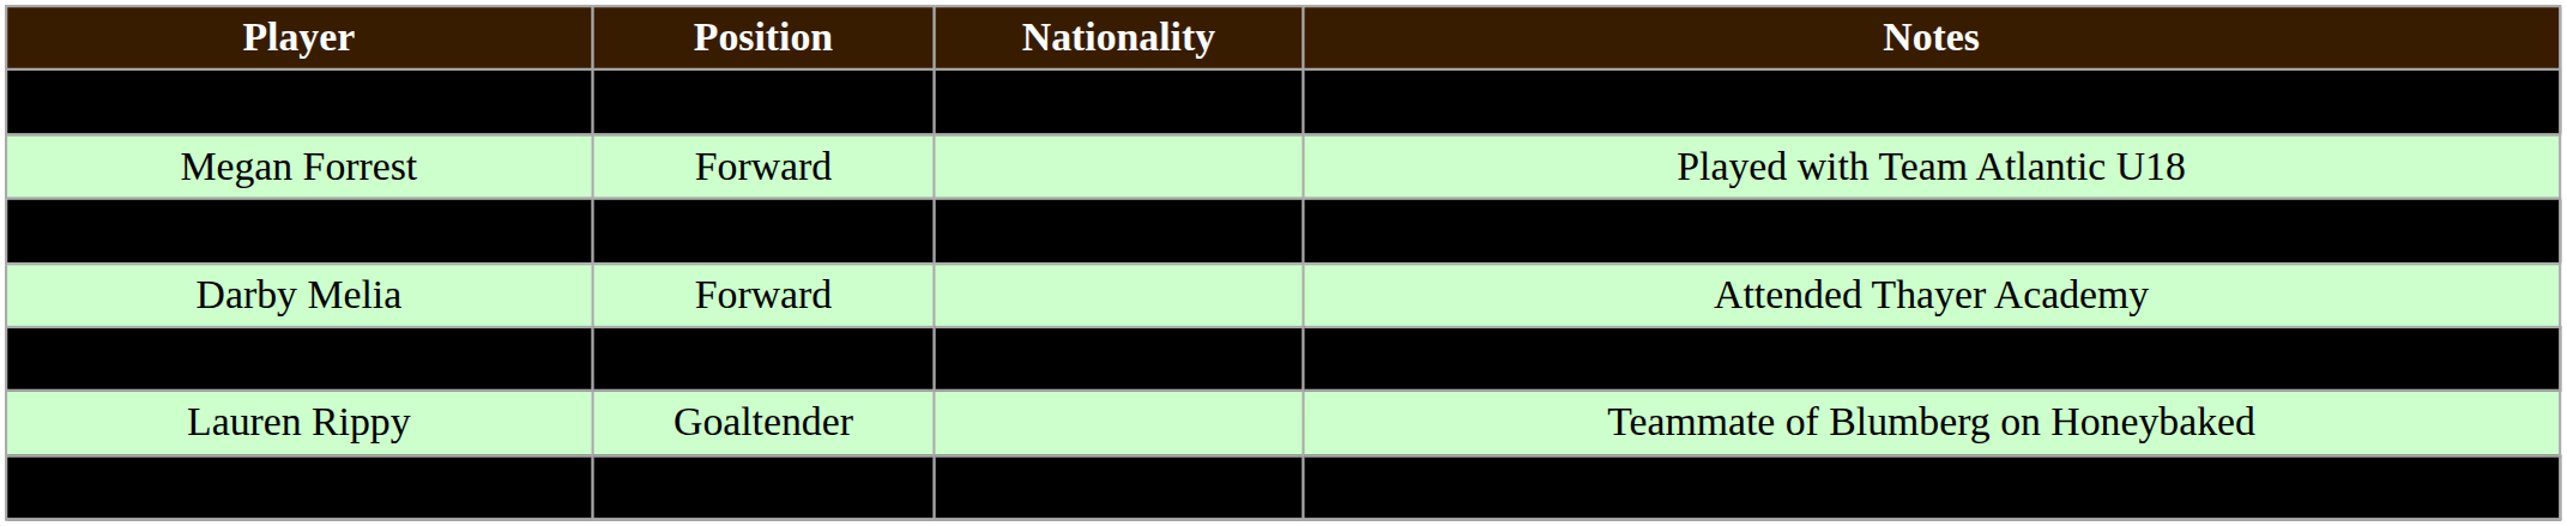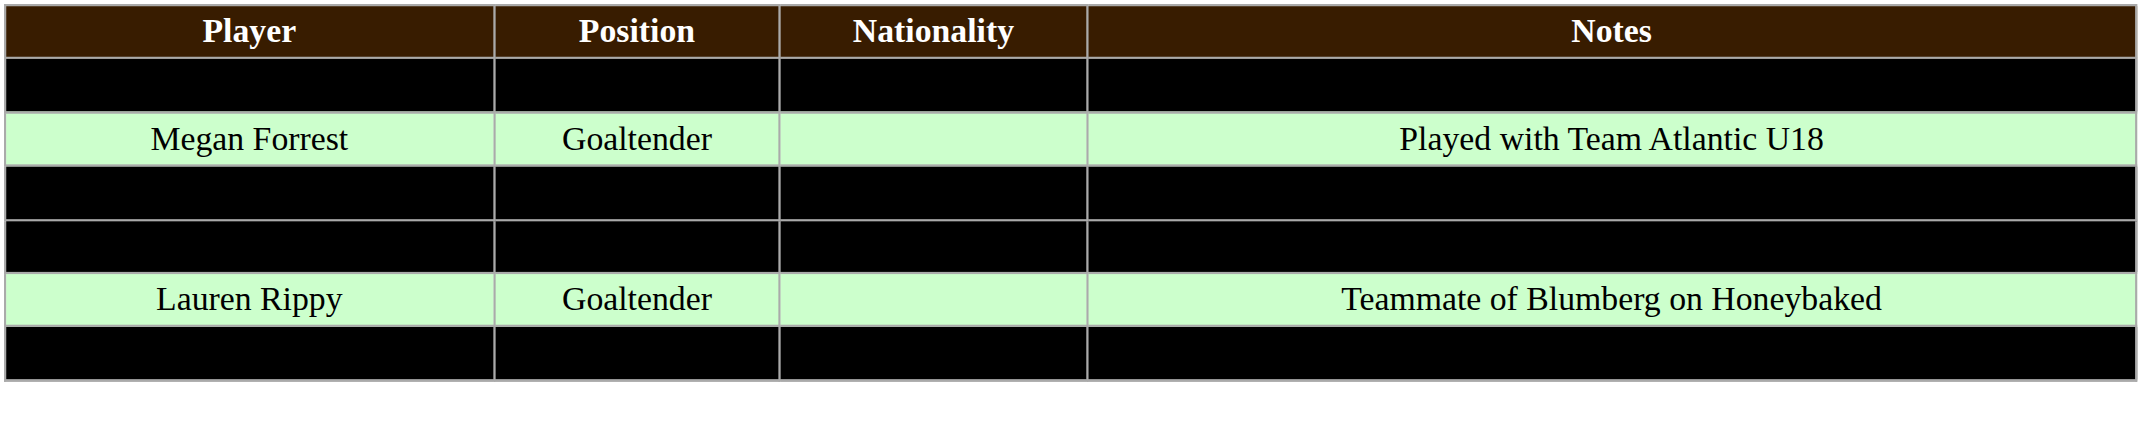 <table class="wikitable" width="80%">
 <tr align="center" style=" background:#381C00; color:white;">
 <td><strong>Player</strong></td>
 <td><strong>Position</strong></td>
 <td><strong>Nationality</strong></td>
 <td><strong>Notes</strong><br></td>
 </tr>
 <tr align="center" bgcolor=" ">
 <td>Kaitijane Blumberg</td>
 <td>Goaltender</td>
 <td></td>
 <td>Played Club Hockey with Honeybaked</td>
 </tr>
 <tr align="center" bgcolor="#ccffcc">
 <td>Megan Forrest</td>
-<td>Forward</td>
+<td>Goaltender</td>
 <td></td>
 <td>Played with Team Atlantic U18</td>
 </tr>
 <tr align="center" bgcolor=" ">
 <td>Maddie Fouts</td>
 <td>Defense</td>
 <td></td>
 <td>Member of Mid-Fairfield Connecticut Stars</td>
-</tr>
-<tr align="center" bgcolor="#ccffcc">
-<td>Darby Melia</td>
-<td>Forward</td>
-<td></td>
-<td>Attended Thayer Academy</td>
 </tr>
 <tr align="center" bgcolor=" ">
 <td>Abby Nearis</td>
 <td>Defense</td>
 <td></td>
 <td><strong>Played with Assabet Valley</strong></td>
 </tr>
 <tr align="center" bgcolor="#ccffcc">
 <td>Lauren Rippy</td>
 <td>Goaltender</td>
 <td></td>
 <td>Teammate of Blumberg on Honeybaked</td>
 </tr>
 <tr align="center" bgcolor=" ">
 <td>Maddie Sisokin</td>
-<td>Defense</td>
+<td>Forward</td>
 <td></td>
 <td>Member of Oakville Jr. Hornets</td>
 </tr>
 <tr align="center" bgcolor=" ">
 </tr>
 </table>
